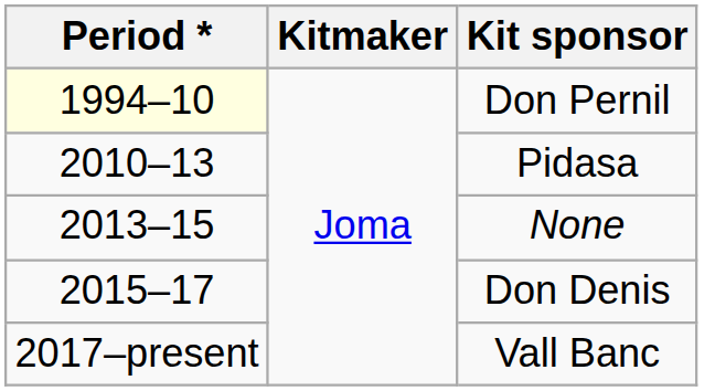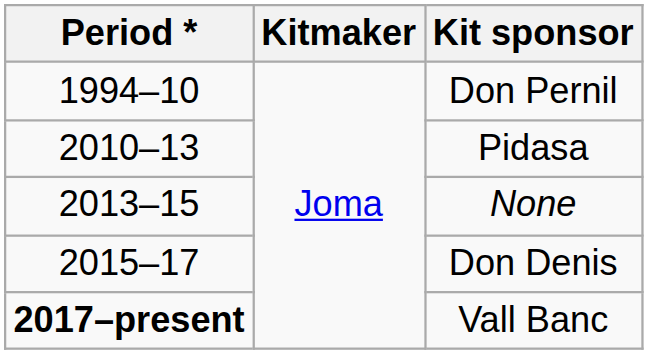 <table class="wikitable" style="text-align:center">
 <tr>
 <th>Period *</th>
 <th>Kitmaker</th>
 <th>Kit sponsor</th>
 </tr>
 <tr>
-<td style="background: lightyellow;">1994–10</td>
+<td>1994–10</td>
 <td rowspan="5"><a href='#'>Joma</a></td>
 <td>Don Pernil</td>
 </tr>
 <tr>
 <td>2010–13</td>
 <td>Pidasa</td>
 </tr>
 <tr>
 <td>2013–15</td>
 <td><em>None</em></td>
 </tr>
 <tr>
 <td>2015–17</td>
 <td>Don Denis</td>
 </tr>
 <tr>
-<td>2017–present</td>
+<td><strong>2017–present</strong></td>
 <td>Vall Banc</td>
 </tr>
 </table>
